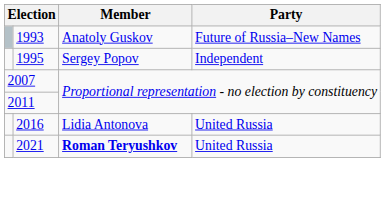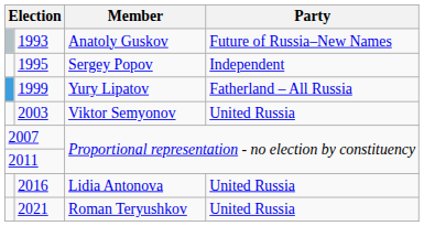 <table class="wikitable">
 <tr>
 <th colspan="2">Election</th>
 <th>Member</th>
 <th>Party</th>
 </tr>
 <tr>
 <td style="background-color:#B4C1C7"></td>
 <td><a href='#'>1993</a></td>
 <td><a href='#'>Anatoly Guskov</a></td>
 <td><a href='#'>Future of Russia–New Names</a></td>
 </tr>
 <tr>
 <td style="background-color:"></td>
 <td><a href='#'>1995</a></td>
 <td><a href='#'>Sergey Popov</a></td>
 <td><a href='#'>Independent</a></td>
 </tr>
 <tr>
+<td style="background-color:#3B9EDF"></td>
+<td><a href='#'>1999</a></td>
+<td><a href='#'>Yury Lipatov</a></td>
+<td><a href='#'>Fatherland – All Russia</a></td>
+</tr>
+<tr>
+<td style="background-color:"></td>
+<td><a href='#'>2003</a></td>
+<td><a href='#'>Viktor Semyonov</a></td>
+<td><a href='#'>United Russia</a></td>
+</tr>
+<tr>
 <td colspan=2><a href='#'>2007</a></td>
 <td colspan=2 rowspan=2><em><a href='#'>Proportional representation</a> - no election by constituency</em></td>
 </tr>
 <tr>
 <td colspan=2><a href='#'>2011</a></td>
 </tr>
 <tr>
 <td style="background-color:"></td>
 <td><a href='#'>2016</a></td>
 <td><a href='#'>Lidia Antonova</a></td>
 <td><a href='#'>United Russia</a></td>
 </tr>
 <tr>
 <td style="background-color:"></td>
 <td><a href='#'>2021</a></td>
-<td><strong><a href='#'>Roman Teryushkov</a></strong></td>
+<td><a href='#'>Roman Teryushkov</a></td>
 <td><a href='#'>United Russia</a></td>
 </tr>
 </table>
